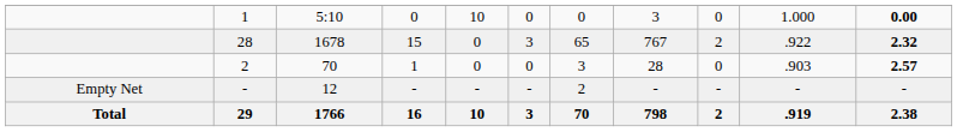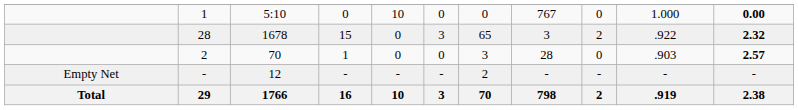 <table class="wikitable sortable" width ="1000">
 <tr align="center">
 </tr>
 <tr align="center" bgcolor="">
 <td></td>
 <td>1</td>
 <td>5:10</td>
 <td>0</td>
 <td>10</td>
 <td>0</td>
 <td>0</td>
-<td>3</td>
+<td>767</td>
 <td>0</td>
 <td>1.000</td>
 <td><strong>0.00</strong></td>
 </tr>
 <tr align="center" bgcolor="f0f0f0">
 <td></td>
 <td>28</td>
 <td>1678</td>
 <td>15</td>
 <td>0</td>
 <td>3</td>
 <td>65</td>
-<td>767</td>
+<td>3</td>
 <td>2</td>
 <td>.922</td>
 <td><strong>2.32</strong></td>
 </tr>
 <tr align="center" bgcolor="">
 <td></td>
 <td>2</td>
 <td>70</td>
 <td>1</td>
 <td>0</td>
 <td>0</td>
 <td>3</td>
 <td>28</td>
 <td>0</td>
 <td>.903</td>
 <td><strong>2.57</strong></td>
 </tr>
 <tr align="center" bgcolor="f0f0f0">
 <td>Empty Net</td>
 <td>-</td>
 <td>12</td>
 <td>-</td>
 <td>-</td>
 <td>-</td>
 <td>2</td>
 <td>-</td>
 <td>-</td>
 <td>-</td>
 <td>-</td>
 </tr>
 <tr>
 <th>Total</th>
 <th>29</th>
 <th>1766</th>
 <th>16</th>
 <th>10</th>
 <th>3</th>
 <th>70</th>
 <th>798</th>
 <th>2</th>
 <th>.919</th>
 <th>2.38</th>
 </tr>
 </table>
